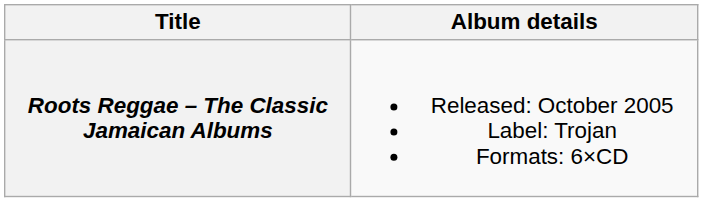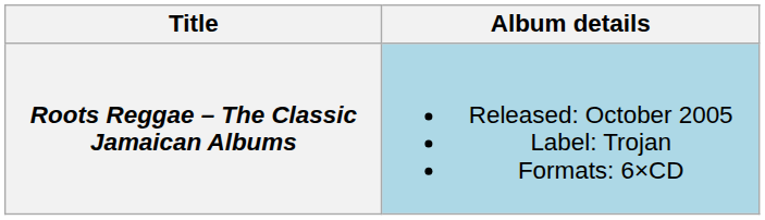 <table class="wikitable plainrowheaders" style="text-align:center;">
 <tr>
 <th scope="col" style="width:15em;">Title</th>
 <th scope="col" style="width:15em;">Album details</th>
 </tr>
 <tr>
 <th scope="row"><em>Roots Reggae – The Classic Jamaican Albums</em></th>
-<td><br><ul><li>Released: October 2005</li><li>Label: Trojan</li><li>Formats: 6×CD</li></ul></td>
+<td style="background: lightblue;"><br><ul><li>Released: October 2005</li><li>Label: Trojan</li><li>Formats: 6×CD</li></ul></td>
 </tr>
 </table>
